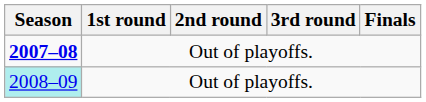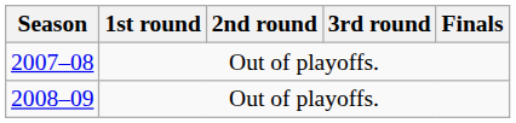 <table class="wikitable" style="text-align:center">
 <tr>
 <th>Season</th>
 <th>1st round</th>
 <th>2nd round</th>
 <th>3rd round</th>
 <th>Finals</th>
 </tr>
 <tr>
-<td><strong><a href='#'>2007–08</a></strong></td>
+<td><a href='#'>2007–08</a></td>
 <td colspan="4">Out of playoffs.</td>
 </tr>
 <tr>
-<td style="background: paleturquoise;"><a href='#'>2008–09</a></td>
+<td><a href='#'>2008–09</a></td>
 <td colspan="4">Out of playoffs.</td>
 </tr>
 </table>
